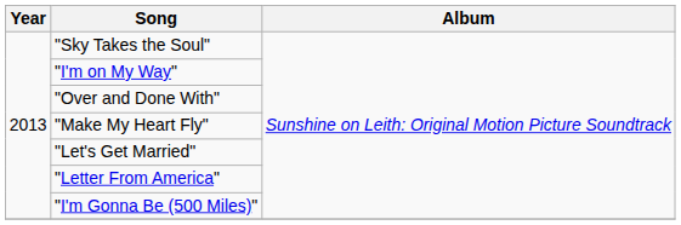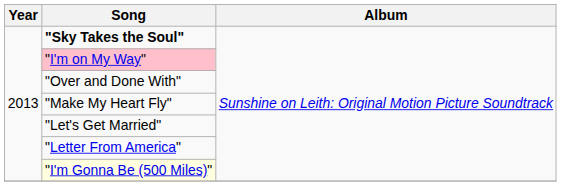 <table class="wikitable">
 <tr>
 <th>Year</th>
 <th>Song</th>
 <th>Album</th>
 </tr>
 <tr>
 <td rowspan="7">2013</td>
-<td>"Sky Takes the Soul"</td>
+<td><strong>"Sky Takes the Soul"</strong></td>
 <td rowspan="7"><em><a href='#'>Sunshine on Leith: Original Motion Picture Soundtrack</a></em></td>
 </tr>
 <tr>
-<td>"<a href='#'>I'm on My Way</a>"</td>
+<td style="background: pink;">"<a href='#'>I'm on My Way</a>"</td>
 </tr>
 <tr>
 <td>"Over and Done With"</td>
 </tr>
 <tr>
 <td>"Make My Heart Fly"</td>
 </tr>
 <tr>
 <td>"Let's Get Married"</td>
 </tr>
 <tr>
 <td>"<a href='#'>Letter From America</a>"</td>
 </tr>
 <tr>
-<td>"<a href='#'>I'm Gonna Be (500 Miles)</a>"</td>
+<td style="background: lightyellow;">"<a href='#'>I'm Gonna Be (500 Miles)</a>"</td>
 </tr>
 <tr>
 </tr>
 </table>
